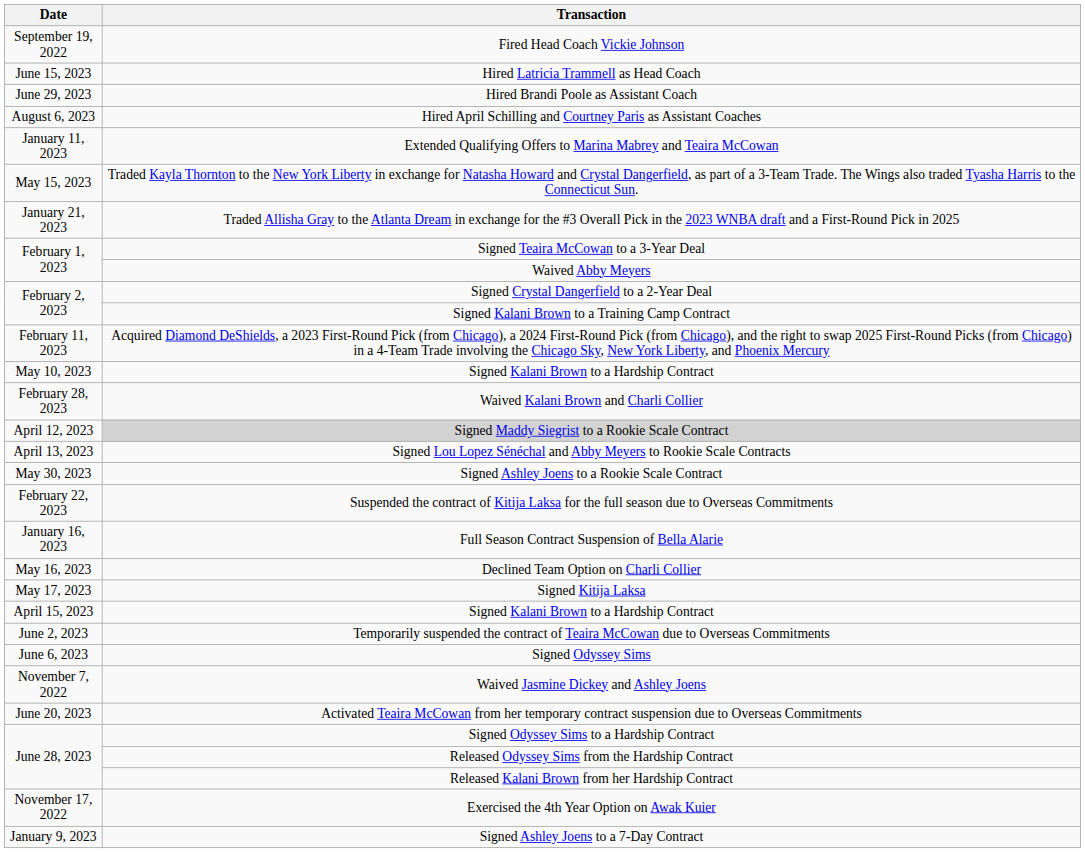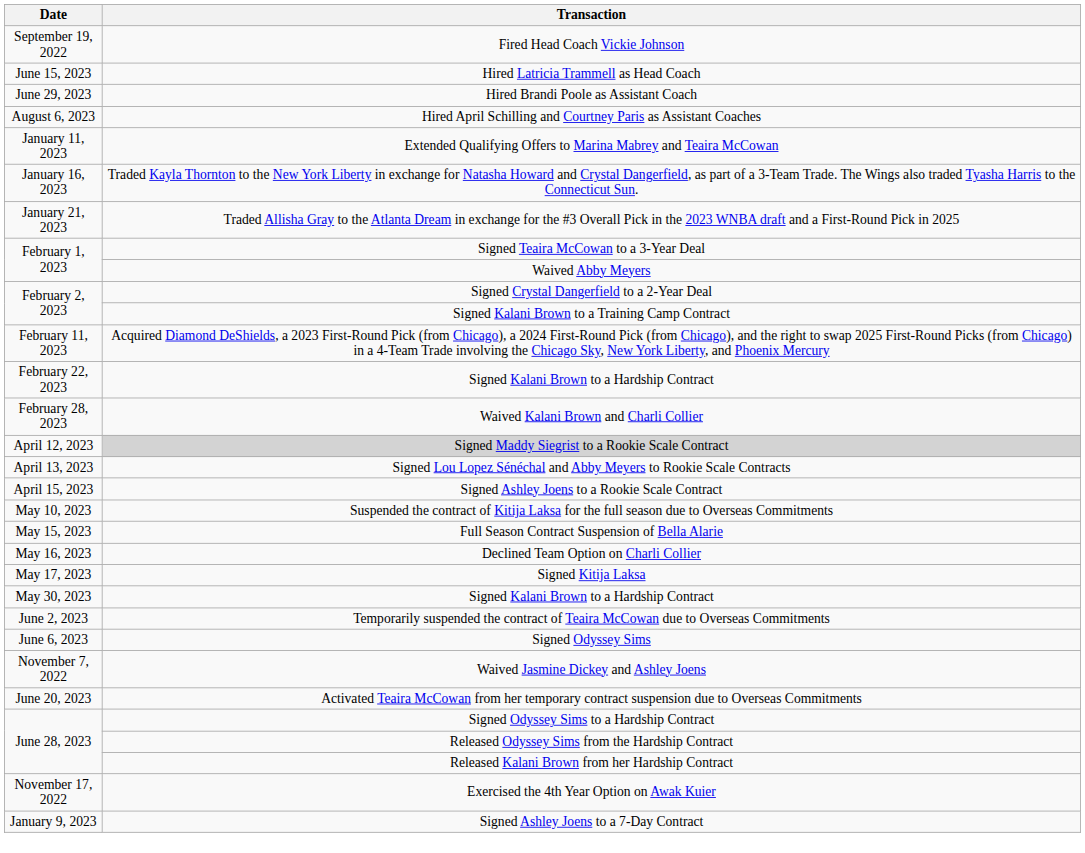 <table class="wikitable" style="width:80%; text-align: center;">
 <tr>
 <th>Date</th>
 <th>Transaction</th>
 </tr>
 <tr>
 <td>September 19, 2022</td>
 <td>Fired Head Coach <a href='#'>Vickie Johnson</a></td>
 </tr>
 <tr>
 <td>June 15, 2023</td>
 <td>Hired <a href='#'>Latricia Trammell</a> as Head Coach</td>
 </tr>
 <tr>
 <td>June 29, 2023</td>
 <td>Hired Brandi Poole as Assistant Coach</td>
 </tr>
 <tr>
 <td>August 6, 2023</td>
 <td>Hired April Schilling and <a href='#'>Courtney Paris</a> as Assistant Coaches</td>
 </tr>
 <tr>
 <td>January 11, 2023</td>
 <td>Extended Qualifying Offers to <a href='#'>Marina Mabrey</a> and <a href='#'>Teaira McCowan</a></td>
 </tr>
 <tr>
-<td>May 15, 2023</td>
+<td>January 16, 2023</td>
 <td>Traded <a href='#'>Kayla Thornton</a> to the <a href='#'>New York Liberty</a> in exchange for <a href='#'>Natasha Howard</a> and <a href='#'>Crystal Dangerfield</a>, as part of a 3-Team Trade. The Wings also traded <a href='#'>Tyasha Harris</a> to the <a href='#'>Connecticut Sun</a>.</td>
 </tr>
 <tr>
 <td>January 21, 2023</td>
 <td>Traded <a href='#'>Allisha Gray</a> to the <a href='#'>Atlanta Dream</a> in exchange for the #3 Overall Pick in the <a href='#'>2023 WNBA draft</a> and a First-Round Pick in 2025</td>
 </tr>
 <tr>
 <td rowspan=2>February 1, 2023</td>
 <td>Signed <a href='#'>Teaira McCowan</a> to a 3-Year Deal</td>
 </tr>
 <tr>
 <td>Waived <a href='#'>Abby Meyers</a></td>
 </tr>
 <tr>
 <td rowspan=2>February 2, 2023</td>
 <td>Signed <a href='#'>Crystal Dangerfield</a> to a 2-Year Deal</td>
 </tr>
 <tr>
 <td>Signed <a href='#'>Kalani Brown</a> to a Training Camp Contract</td>
 </tr>
 <tr>
 <td>February 11, 2023</td>
 <td>Acquired <a href='#'>Diamond DeShields</a>, a 2023 First-Round Pick (from <a href='#'>Chicago</a>), a 2024 First-Round Pick (from <a href='#'>Chicago</a>), and the right to swap 2025 First-Round Picks (from <a href='#'>Chicago</a>) in a 4-Team Trade involving the <a href='#'>Chicago Sky</a>, <a href='#'>New York Liberty</a>, and <a href='#'>Phoenix Mercury</a></td>
 </tr>
 <tr>
-<td>May 10, 2023</td>
+<td>February 22, 2023</td>
 <td>Signed <a href='#'>Kalani Brown</a> to a Hardship Contract</td>
 </tr>
 <tr>
 <td>February 28, 2023</td>
 <td>Waived <a href='#'>Kalani Brown</a> and <a href='#'>Charli Collier</a></td>
 </tr>
 <tr>
 <td>April 12, 2023</td>
 <td style="background: lightgrey;">Signed <a href='#'>Maddy Siegrist</a> to a Rookie Scale Contract</td>
 </tr>
 <tr>
 <td>April 13, 2023</td>
 <td>Signed <a href='#'>Lou Lopez Sénéchal</a> and <a href='#'>Abby Meyers</a> to Rookie Scale Contracts</td>
 </tr>
 <tr>
-<td>May 30, 2023</td>
+<td>April 15, 2023</td>
 <td>Signed <a href='#'>Ashley Joens</a> to a Rookie Scale Contract</td>
 </tr>
 <tr>
-<td>February 22, 2023</td>
+<td>May 10, 2023</td>
 <td>Suspended the contract of <a href='#'>Kitija Laksa</a> for the full season due to Overseas Commitments</td>
 </tr>
 <tr>
-<td>January 16, 2023</td>
+<td>May 15, 2023</td>
 <td>Full Season Contract Suspension of <a href='#'>Bella Alarie</a></td>
 </tr>
 <tr>
 <td>May 16, 2023</td>
 <td>Declined Team Option on <a href='#'>Charli Collier</a></td>
 </tr>
 <tr>
 <td>May 17, 2023</td>
 <td>Signed <a href='#'>Kitija Laksa</a></td>
 </tr>
 <tr>
-<td>April 15, 2023</td>
+<td>May 30, 2023</td>
 <td>Signed <a href='#'>Kalani Brown</a> to a Hardship Contract</td>
 </tr>
 <tr>
 <td>June 2, 2023</td>
 <td>Temporarily suspended the contract of <a href='#'>Teaira McCowan</a> due to Overseas Commitments</td>
 </tr>
 <tr>
 <td>June 6, 2023</td>
 <td>Signed <a href='#'>Odyssey Sims</a></td>
 </tr>
 <tr>
 <td>November 7, 2022</td>
 <td>Waived <a href='#'>Jasmine Dickey</a> and <a href='#'>Ashley Joens</a></td>
 </tr>
 <tr>
 <td>June 20, 2023</td>
 <td>Activated <a href='#'>Teaira McCowan</a> from her temporary contract suspension due to Overseas Commitments</td>
 </tr>
 <tr>
 <td rowspan=3>June 28, 2023</td>
 <td>Signed <a href='#'>Odyssey Sims</a> to a Hardship Contract</td>
 </tr>
 <tr>
 <td>Released <a href='#'>Odyssey Sims</a> from the Hardship Contract</td>
 </tr>
 <tr>
 <td>Released <a href='#'>Kalani Brown</a> from her Hardship Contract</td>
 </tr>
 <tr>
 <td>November 17, 2022</td>
 <td>Exercised the 4th Year Option on <a href='#'>Awak Kuier</a></td>
 </tr>
 <tr>
 <td>January 9, 2023</td>
 <td>Signed <a href='#'>Ashley Joens</a> to a 7-Day Contract</td>
 </tr>
 </table>
